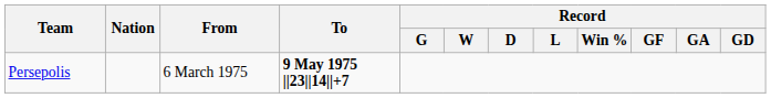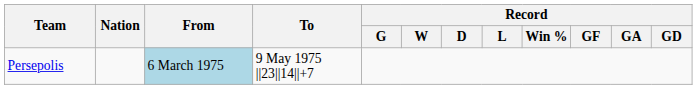 <table class="wikitable" style="text-align: center">
 <tr>
 <th rowspan="2!" style="width:100px;">Team</th>
 <th rowspan="2!" style="width:50px;">Nation</th>
 <th rowspan="2!" style="width:120px;">From</th>
 <th rowspan="2!" style="width:120px;">To</th>
 <th colspan=8>Record</th>
 </tr>
 <tr>
 <th width=40>G</th>
 <th width=40>W</th>
 <th width=40>D</th>
 <th width=40>L</th>
 <th width=50>Win %</th>
 <th width=40>GF</th>
 <th width=40>GA</th>
 <th width=40>GD</th>
 </tr>
 <tr>
 <td align=left><a href='#'>Persepolis</a></td>
 <td></td>
-<td align=left>6 March 1975</td>
-<td align=left><strong>9 May 1975<br>||23||14||+7</strong></td>
+<td align=left style="background: lightblue;">6 March 1975</td>
+<td align=left>9 May 1975<br>||23||14||+7</td>
 </tr>
 </table>
